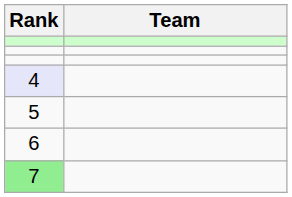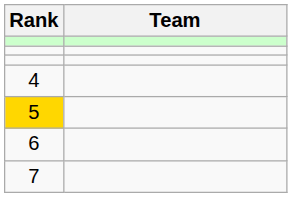 <table class="wikitable">
 <tr>
 <th>Rank</th>
 <th width=170>Team</th>
 </tr>
 <tr bgcolor=ccffcc>
 <td align=center></td>
 <td></td>
 </tr>
 <tr>
 <td align=center></td>
 <td></td>
 </tr>
 <tr>
 <td align=center></td>
 <td></td>
 </tr>
 <tr>
-<td align=center style="background: lavender;">4</td>
+<td align=center>4</td>
 <td></td>
 </tr>
 <tr>
-<td align=center>5</td>
+<td align=center style="background: gold;">5</td>
 <td></td>
 </tr>
 <tr>
 <td align=center>6</td>
 <td></td>
 </tr>
 <tr>
-<td align=center style="background: lightgreen;">7</td>
+<td align=center>7</td>
 <td></td>
 </tr>
 </table>
